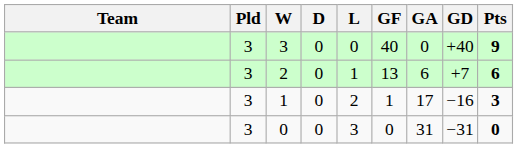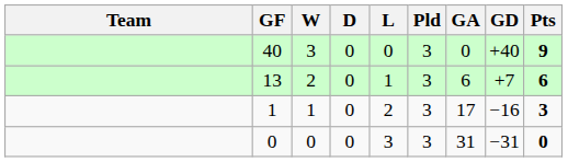 <table class="wikitable" style="text-align:center">
 <tr>
 <th width=200>Team</th>
-<th width=25>Pld</th>
+<th width=25>GF</th>
 <th width=25>W</th>
 <th width=25>D</th>
 <th width=25>L</th>
-<th width=25>GF</th>
+<th width=25>Pld</th>
 <th width=25>GA</th>
 <th width=25>GD</th>
 <th width=25>Pts</th>
 </tr>
 <tr bgcolor=ccffcc>
 <td align=left></td>
-<td>3</td>
+<td>40</td>
 <td>3</td>
 <td>0</td>
 <td>0</td>
-<td>40</td>
+<td>3</td>
 <td>0</td>
 <td>+40</td>
 <td><strong>9</strong></td>
 </tr>
 <tr bgcolor=ccffcc>
 <td align=left></td>
-<td>3</td>
+<td>13</td>
 <td>2</td>
 <td>0</td>
 <td>1</td>
-<td>13</td>
+<td>3</td>
 <td>6</td>
 <td>+7</td>
 <td><strong>6</strong></td>
 </tr>
 <tr>
 <td align=left></td>
-<td>3</td>
+<td>1</td>
 <td>1</td>
 <td>0</td>
 <td>2</td>
-<td>1</td>
+<td>3</td>
 <td>17</td>
 <td>−16</td>
 <td><strong>3</strong></td>
 </tr>
 <tr>
 <td align=left></td>
-<td>3</td>
+<td>0</td>
 <td>0</td>
 <td>0</td>
 <td>3</td>
-<td>0</td>
+<td>3</td>
 <td>31</td>
 <td>−31</td>
 <td><strong>0</strong></td>
 </tr>
 </table>
